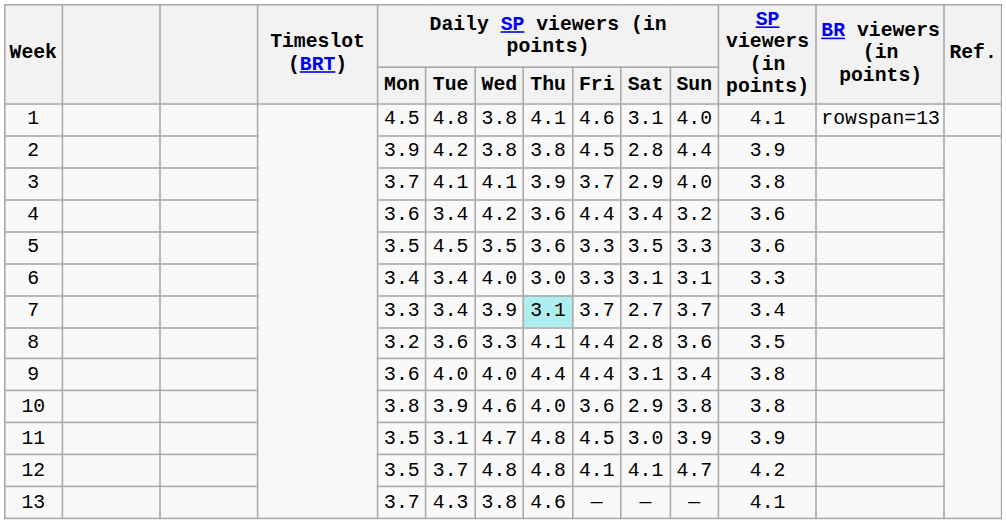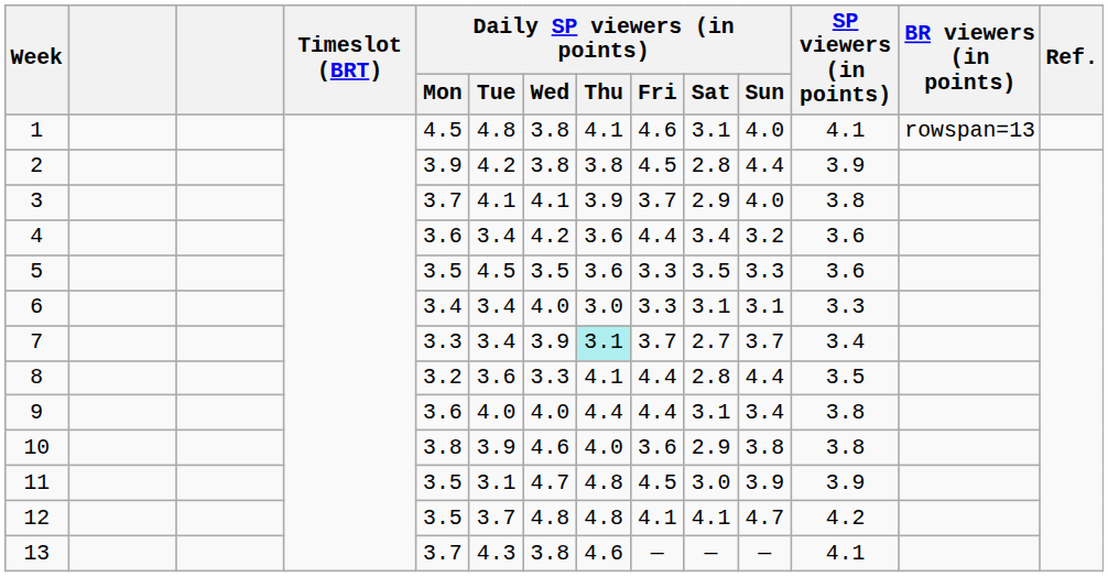 <table class="wikitable sortable" style="text-align:center; font-size:95%; width: 100%">
 <tr>
 <th rowspan=2 width="05.0%">Week</th>
 <th rowspan=2 width="12.5%"></th>
 <th rowspan=2 width="12.5%"></th>
 <th rowspan=2 width="12.5%">Timeslot (<a href='#'>BRT</a>)</th>
 <th colspan=7 width="35.0%">Daily <a href='#'>SP</a> viewers (in points)</th>
 <th rowspan=2 width="10.0%"><a href='#'>SP</a> viewers<br>(in points)</th>
 <th rowspan=2 width="10.0%"><a href='#'>BR</a> viewers<br>(in points)</th>
 <th rowspan=2 width="05.0%">Ref.</th>
 </tr>
 <tr>
 <th width="05%">Mon</th>
 <th width="05%">Tue</th>
 <th width="05%">Wed</th>
 <th width="05%">Thu</th>
 <th width="05%">Fri</th>
 <th width="05%">Sat</th>
 <th width="05%">Sun</th>
 </tr>
 <tr>
 <td>1</td>
 <td></td>
 <td></td>
 <td rowspan=13></td>
 <td>4.5</td>
 <td>4.8</td>
 <td>3.8</td>
 <td>4.1</td>
 <td>4.6</td>
 <td>3.1</td>
 <td>4.0</td>
 <td>4.1</td>
 <td>rowspan=13 </td>
 <td></td>
 </tr>
 <tr>
 <td>2</td>
 <td></td>
 <td></td>
 <td>3.9</td>
 <td>4.2</td>
 <td>3.8</td>
 <td>3.8</td>
 <td>4.5</td>
 <td>2.8</td>
 <td>4.4</td>
 <td>3.9</td>
 <td></td>
 </tr>
 <tr>
 <td>3</td>
 <td></td>
 <td></td>
 <td>3.7</td>
 <td>4.1</td>
 <td>4.1</td>
 <td>3.9</td>
 <td>3.7</td>
 <td>2.9</td>
 <td>4.0</td>
 <td>3.8</td>
 <td></td>
 </tr>
 <tr>
 <td>4</td>
 <td></td>
 <td></td>
 <td>3.6</td>
 <td>3.4</td>
 <td>4.2</td>
 <td>3.6</td>
 <td>4.4</td>
 <td>3.4</td>
 <td>3.2</td>
 <td>3.6</td>
 <td></td>
 </tr>
 <tr>
 <td>5</td>
 <td></td>
 <td></td>
 <td>3.5</td>
 <td>4.5</td>
 <td>3.5</td>
 <td>3.6</td>
 <td>3.3</td>
 <td>3.5</td>
 <td>3.3</td>
 <td>3.6</td>
 <td></td>
 </tr>
 <tr>
 <td>6</td>
 <td></td>
 <td></td>
 <td>3.4</td>
 <td>3.4</td>
 <td>4.0</td>
 <td>3.0</td>
 <td>3.3</td>
 <td>3.1</td>
 <td>3.1</td>
 <td>3.3</td>
 <td></td>
 </tr>
 <tr>
 <td>7</td>
 <td></td>
 <td></td>
 <td>3.3</td>
 <td>3.4</td>
 <td>3.9</td>
 <td style="background: paleturquoise;">3.1</td>
 <td>3.7</td>
 <td>2.7</td>
 <td>3.7</td>
 <td>3.4</td>
 <td></td>
 </tr>
 <tr>
 <td>8</td>
 <td></td>
 <td></td>
 <td>3.2</td>
 <td>3.6</td>
 <td>3.3</td>
 <td>4.1</td>
 <td>4.4</td>
 <td>2.8</td>
-<td>3.6</td>
+<td>4.4</td>
 <td>3.5</td>
 <td></td>
 </tr>
 <tr>
 <td>9</td>
 <td></td>
 <td></td>
 <td>3.6</td>
 <td>4.0</td>
 <td>4.0</td>
 <td>4.4</td>
 <td>4.4</td>
 <td>3.1</td>
 <td>3.4</td>
 <td>3.8</td>
 <td></td>
 </tr>
 <tr>
 <td>10</td>
 <td></td>
 <td></td>
 <td>3.8</td>
 <td>3.9</td>
 <td>4.6</td>
 <td>4.0</td>
 <td>3.6</td>
 <td>2.9</td>
 <td>3.8</td>
 <td>3.8</td>
 <td></td>
 </tr>
 <tr>
 <td>11</td>
 <td></td>
 <td></td>
 <td>3.5</td>
 <td>3.1</td>
 <td>4.7</td>
 <td>4.8</td>
 <td>4.5</td>
 <td>3.0</td>
 <td>3.9</td>
 <td>3.9</td>
 <td></td>
 </tr>
 <tr>
 <td>12</td>
 <td></td>
 <td></td>
 <td>3.5</td>
 <td>3.7</td>
 <td>4.8</td>
 <td>4.8</td>
 <td>4.1</td>
 <td>4.1</td>
 <td>4.7</td>
 <td>4.2</td>
 <td></td>
 </tr>
 <tr>
 <td>13</td>
 <td></td>
 <td></td>
 <td>3.7</td>
 <td>4.3</td>
 <td>3.8</td>
 <td>4.6</td>
 <td>—</td>
 <td>—</td>
 <td>—</td>
 <td>4.1</td>
 <td></td>
 </tr>
 </table>
